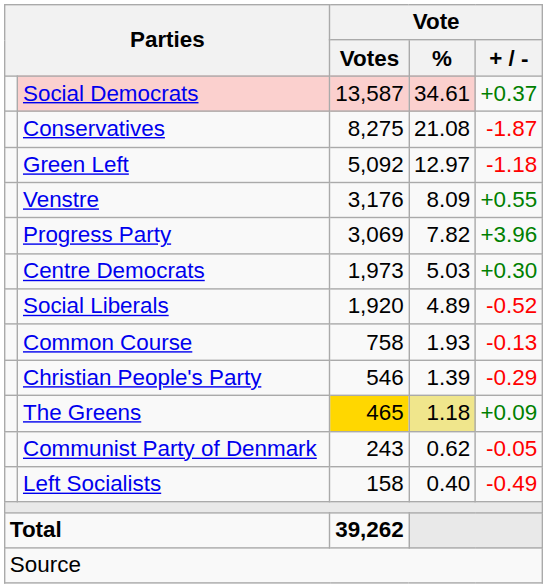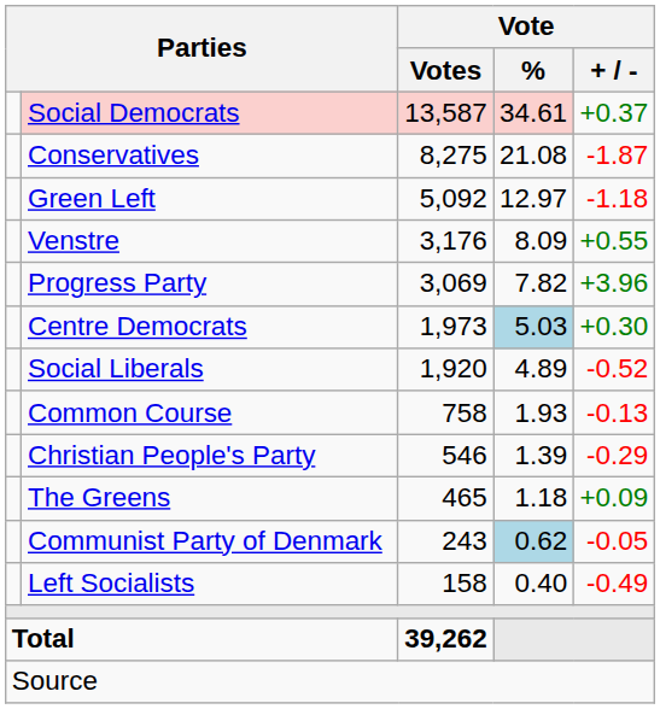 <table class="wikitable" style="text-align:right;">
 <tr>
 <th style="text-align:centre;" rowspan="2" colspan="2" width="225">Parties</th>
 <th colspan="3">Vote</th>
 </tr>
 <tr>
 <th width="15">Votes</th>
 <th width="15">%</th>
 <th width="15">+ / -</th>
 </tr>
 <tr>
 <td width="2" style="color:inherit;background:"></td>
 <td bgcolor=#fbd0ce  align="left"><a href='#'>Social Democrats</a></td>
 <td bgcolor=#fbd0ce>13,587</td>
 <td bgcolor=#fbd0ce>34.61</td>
 <td style=color:green;>+0.37</td>
 </tr>
 <tr>
 <td width="2" style="color:inherit;background:"></td>
 <td align="left"><a href='#'>Conservatives</a></td>
 <td>8,275</td>
 <td>21.08</td>
 <td style=color:red;>-1.87</td>
 </tr>
 <tr>
 <td width="2" style="color:inherit;background:"></td>
 <td align="left"><a href='#'>Green Left</a></td>
 <td>5,092</td>
 <td>12.97</td>
 <td style=color:red;>-1.18</td>
 </tr>
 <tr>
 <td width="2" style="color:inherit;background:"></td>
 <td align="left"><a href='#'>Venstre</a></td>
 <td>3,176</td>
 <td>8.09</td>
 <td style=color:green;>+0.55</td>
 </tr>
 <tr>
 <td width="2" style="color:inherit;background:"></td>
 <td align="left"><a href='#'>Progress Party</a></td>
 <td>3,069</td>
 <td>7.82</td>
 <td style=color:green;>+3.96</td>
 </tr>
 <tr>
 <td width="2" style="color:inherit;background:"></td>
 <td align="left"><a href='#'>Centre Democrats</a></td>
 <td>1,973</td>
-<td>5.03</td>
+<td style="background: lightblue;">5.03</td>
 <td style=color:green;>+0.30</td>
 </tr>
 <tr>
 <td width="2" style="color:inherit;background:"></td>
 <td align="left"><a href='#'>Social Liberals</a></td>
 <td>1,920</td>
 <td>4.89</td>
 <td style=color:red;>-0.52</td>
 </tr>
 <tr>
 <td width="2" style="color:inherit;background:"></td>
 <td align="left"><a href='#'>Common Course</a></td>
 <td>758</td>
 <td>1.93</td>
 <td style=color:red;>-0.13</td>
 </tr>
 <tr>
 <td width="2" style="color:inherit;background:"></td>
 <td align="left"><a href='#'>Christian People's Party</a></td>
 <td>546</td>
 <td>1.39</td>
 <td style=color:red;>-0.29</td>
 </tr>
 <tr>
 <td width="2" style="color:inherit;background:"></td>
 <td align="left"><a href='#'>The Greens</a></td>
-<td style="background: gold;">465</td>
-<td style="background: khaki;">1.18</td>
+<td>465</td>
+<td>1.18</td>
 <td style=color:green;>+0.09</td>
 </tr>
 <tr>
 <td width="2" style="color:inherit;background:"></td>
 <td align="left"><a href='#'>Communist Party of Denmark</a></td>
 <td>243</td>
-<td>0.62</td>
+<td style="background: lightblue;">0.62</td>
 <td style=color:red;>-0.05</td>
 </tr>
 <tr>
 <td width="2" style="color:inherit;background:"></td>
 <td align="left"><a href='#'>Left Socialists</a></td>
 <td>158</td>
 <td>0.40</td>
 <td style=color:red;>-0.49</td>
 </tr>
 <tr>
 <td colspan="7" bgcolor="#E9E9E9"></td>
 </tr>
 <tr>
 <td align="left" colspan="2"><strong>Total</strong></td>
 <td><strong>39,262</strong></td>
 <td bgcolor="#E9E9E9" colspan="2"></td>
 </tr>
 <tr>
 <td align="left" colspan="6">Source</td>
 </tr>
 </table>
